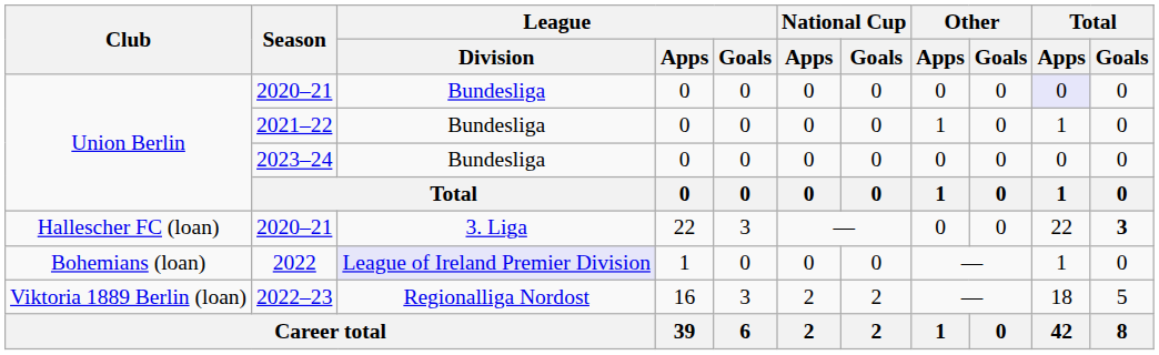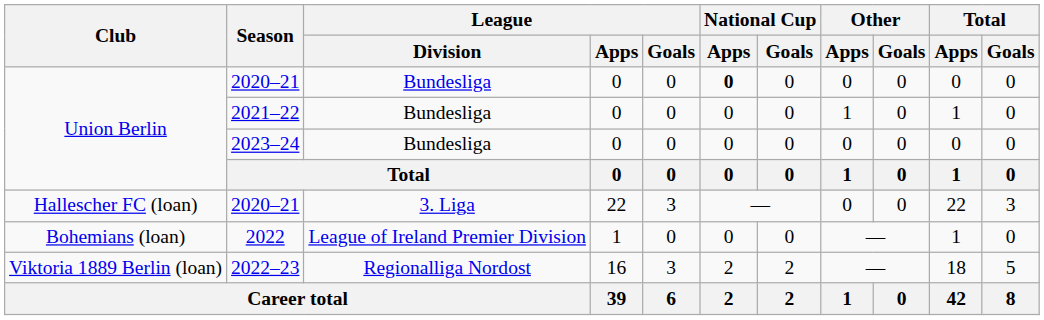 <table class="wikitable" style="text-align: center">
 <tr>
 <th rowspan="2">Club</th>
 <th rowspan="2">Season</th>
 <th colspan="3">League</th>
 <th colspan="2">National Cup</th>
 <th colspan="2">Other</th>
 <th colspan="2">Total</th>
 </tr>
 <tr>
 <th>Division</th>
 <th>Apps</th>
 <th>Goals</th>
 <th>Apps</th>
 <th>Goals</th>
 <th>Apps</th>
 <th>Goals</th>
 <th>Apps</th>
 <th>Goals</th>
 </tr>
 <tr>
 <td rowspan="4"><a href='#'>Union Berlin</a></td>
 <td><a href='#'>2020–21</a></td>
 <td><a href='#'>Bundesliga</a></td>
 <td>0</td>
 <td>0</td>
+<td><strong>0</strong></td>
 <td>0</td>
 <td>0</td>
 <td>0</td>
 <td>0</td>
-<td style="background: lavender;">0</td>
 <td>0</td>
 </tr>
 <tr>
 <td><a href='#'>2021–22</a></td>
 <td>Bundesliga</td>
 <td>0</td>
 <td>0</td>
 <td>0</td>
 <td>0</td>
 <td>1</td>
 <td>0</td>
 <td>1</td>
 <td>0</td>
 </tr>
 <tr>
 <td><a href='#'>2023–24</a></td>
 <td>Bundesliga</td>
 <td>0</td>
 <td>0</td>
 <td>0</td>
 <td>0</td>
 <td>0</td>
 <td>0</td>
 <td>0</td>
 <td>0</td>
 </tr>
 <tr>
 <th colspan="2">Total</th>
 <th>0</th>
 <th>0</th>
 <th>0</th>
 <th>0</th>
 <th>1</th>
 <th>0</th>
 <th>1</th>
 <th>0</th>
 </tr>
 <tr>
 <td><a href='#'>Hallescher FC</a> (loan)</td>
 <td><a href='#'>2020–21</a></td>
 <td><a href='#'>3. Liga</a></td>
 <td>22</td>
 <td>3</td>
 <td colspan="2">—</td>
 <td>0</td>
 <td>0</td>
 <td>22</td>
-<td><strong>3</strong></td>
+<td>3</td>
 </tr>
 <tr>
 <td><a href='#'>Bohemians</a> (loan)</td>
 <td><a href='#'>2022</a></td>
-<td style="background: lavender;"><a href='#'>League of Ireland Premier Division</a></td>
+<td><a href='#'>League of Ireland Premier Division</a></td>
 <td>1</td>
 <td>0</td>
 <td>0</td>
 <td>0</td>
 <td colspan="2">—</td>
 <td>1</td>
 <td>0</td>
 </tr>
 <tr>
 <td><a href='#'>Viktoria 1889 Berlin</a> (loan)</td>
 <td><a href='#'>2022–23</a></td>
 <td><a href='#'>Regionalliga Nordost</a></td>
 <td>16</td>
 <td>3</td>
 <td>2</td>
 <td>2</td>
 <td colspan="2">—</td>
 <td>18</td>
 <td>5</td>
 </tr>
 <tr>
 <th colspan="3">Career total</th>
 <th>39</th>
 <th>6</th>
 <th>2</th>
 <th>2</th>
 <th>1</th>
 <th>0</th>
 <th>42</th>
 <th>8</th>
 </tr>
 </table>
